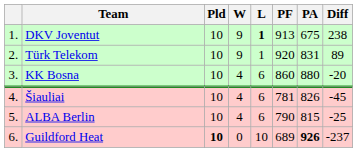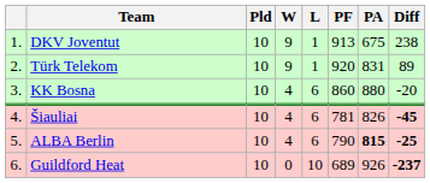 <table class=wikitable style="text-align:center">
 <tr>
 <th width=15></th>
 <th width=220>Team</th>
 <th width=20>Pld</th>
 <th width=20>W</th>
 <th width=20>L</th>
 <th width=20>PF</th>
 <th width=20>PA</th>
 <th width=30>Diff</th>
 </tr>
 <tr style="background: #ccffcc;">
 <td>1.</td>
 <td align=left> <a href='#'>DKV Joventut</a></td>
 <td>10</td>
 <td>9</td>
-<td><strong>1</strong></td>
+<td>1</td>
 <td>913</td>
 <td>675</td>
 <td>238</td>
 </tr>
 <tr style="background: #ccffcc;">
 <td>2.</td>
 <td align=left> <a href='#'>Türk Telekom</a></td>
 <td>10</td>
 <td>9</td>
 <td>1</td>
 <td>920</td>
 <td>831</td>
 <td>89</td>
 </tr>
 <tr style="background: #ccffcc;">
 <td>3.</td>
 <td align=left> <a href='#'>KK Bosna</a></td>
 <td>10</td>
 <td>4</td>
 <td>6</td>
 <td>860</td>
 <td>880</td>
 <td>-20</td>
 </tr>
 <tr style = "border-top:3px solid green;">
 </tr>
 <tr style="background: #ffcccc;">
 <td>4.</td>
 <td align=left> <a href='#'>Šiauliai</a></td>
 <td>10</td>
 <td>4</td>
 <td>6</td>
 <td>781</td>
 <td>826</td>
-<td>-45</td>
+<td><strong>-45</strong></td>
 </tr>
 <tr style="background: #ffcccc;">
 <td>5.</td>
 <td align=left> <a href='#'>ALBA Berlin</a></td>
 <td>10</td>
 <td>4</td>
 <td>6</td>
 <td>790</td>
-<td>815</td>
-<td>-25</td>
+<td><strong>815</strong></td>
+<td><strong>-25</strong></td>
 </tr>
 <tr style="background: #ffcccc;">
 <td>6.</td>
 <td align=left> <a href='#'>Guildford Heat</a></td>
-<td><strong>10</strong></td>
+<td>10</td>
 <td>0</td>
 <td>10</td>
 <td>689</td>
-<td><strong>926</strong></td>
-<td>-237</td>
+<td>926</td>
+<td><strong>-237</strong></td>
 </tr>
 </table>
